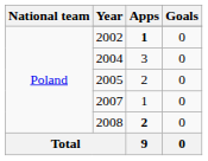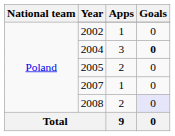 <table class="wikitable" style="text-align:center">
 <tr>
 <th>National team</th>
 <th>Year</th>
 <th>Apps</th>
 <th>Goals</th>
 </tr>
 <tr>
 <td rowspan=6><a href='#'>Poland</a></td>
 </tr>
 <tr>
 <td>2002</td>
-<td><strong>1</strong></td>
+<td>1</td>
 <td>0</td>
 </tr>
 <tr>
 <td>2004</td>
 <td>3</td>
-<td>0</td>
+<td><strong>0</strong></td>
 </tr>
 <tr>
 <td>2005</td>
 <td>2</td>
 <td>0</td>
 </tr>
 <tr>
 <td>2007</td>
 <td>1</td>
 <td>0</td>
 </tr>
 <tr>
 <td>2008</td>
-<td><strong>2</strong></td>
-<td>0</td>
+<td>2</td>
+<td style="background: lavender;">0</td>
 </tr>
 <tr>
 <th colspan="2">Total</th>
 <th>9</th>
 <th>0</th>
 </tr>
 </table>
